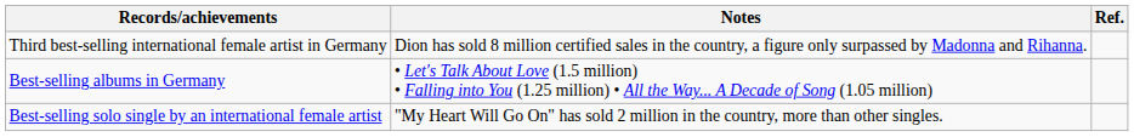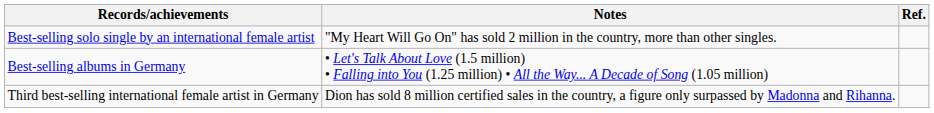 <table class="wikitable" style="text-align:left;">
 <tr>
 <th>Records/achievements</th>
 <th>Notes</th>
 <th>Ref.</th>
 </tr>
 <tr>
-<td>Third best-selling international female artist in Germany</td>
-<td>Dion has sold 8 million certified sales in the country, a figure only surpassed by <a href='#'>Madonna</a> and <a href='#'>Rihanna</a>.</td>
+<td><a href='#'>Best-selling solo single by an international female artist</a></td>
+<td>"My Heart Will Go On" has sold 2 million in the country, more than other singles.</td>
 <td></td>
 </tr>
 <tr>
 <td><a href='#'>Best-selling albums in Germany</a></td>
 <td>• <em><a href='#'>Let's Talk About Love</a></em> (1.5 million)<br>• <em><a href='#'>Falling into You</a></em> (1.25 million) • <em><a href='#'>All the Way... A Decade of Song</a></em> (1.05 million)</td>
 <td></td>
 </tr>
 <tr>
-<td><a href='#'>Best-selling solo single by an international female artist</a></td>
-<td>"My Heart Will Go On" has sold 2 million in the country, more than other singles.</td>
+<td>Third best-selling international female artist in Germany</td>
+<td>Dion has sold 8 million certified sales in the country, a figure only surpassed by <a href='#'>Madonna</a> and <a href='#'>Rihanna</a>.</td>
 <td></td>
 </tr>
 </table>
